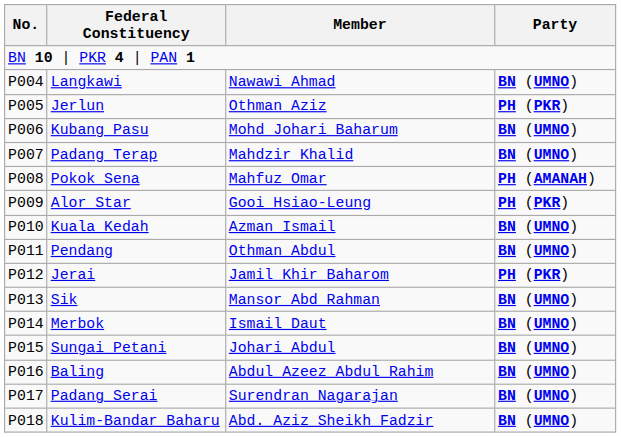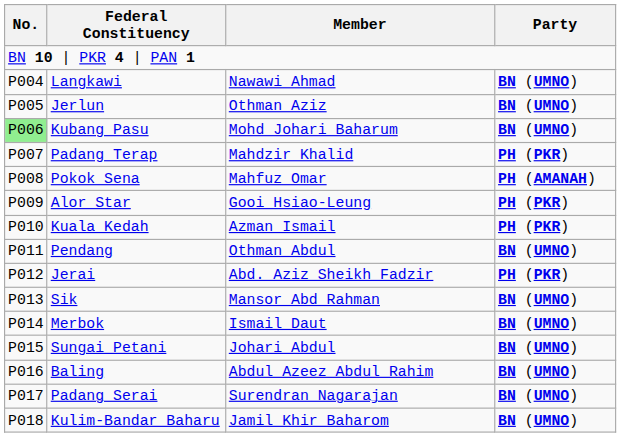 <table class ="wikitable sortable">
 <tr>
 <th style="width:30px;">No.</th>
 <th style="width:150px;">Federal Constituency</th>
 <th style="width:230px;">Member</th>
 <th style="width:100px;">Party</th>
 </tr>
 <tr>
 <td colspan="4"><a href='#'>BN</a> <strong>10</strong> | <a href='#'>PKR</a> <strong>4</strong> | <a href='#'>PAN</a> <strong>1</strong></td>
 </tr>
 <tr>
 <td>P004</td>
 <td><a href='#'>Langkawi</a></td>
 <td><a href='#'>Nawawi Ahmad</a></td>
 <td><strong><a href='#'>BN</a></strong> (<strong><a href='#'>UMNO</a></strong>)</td>
 </tr>
 <tr>
 <td>P005</td>
 <td><a href='#'>Jerlun</a></td>
 <td><a href='#'>Othman Aziz</a></td>
-<td><strong><a href='#'>PH</a></strong> (<strong><a href='#'>PKR</a></strong>)</td>
+<td><strong><a href='#'>BN</a></strong> (<strong><a href='#'>UMNO</a></strong>)</td>
 </tr>
 <tr>
-<td>P006</td>
+<td style="background: lightgreen;">P006</td>
 <td><a href='#'>Kubang Pasu</a></td>
 <td><a href='#'>Mohd Johari Baharum</a></td>
 <td><strong><a href='#'>BN</a></strong> (<strong><a href='#'>UMNO</a></strong>)</td>
 </tr>
 <tr>
 <td>P007</td>
 <td><a href='#'>Padang Terap</a></td>
 <td><a href='#'>Mahdzir Khalid</a></td>
-<td><strong><a href='#'>BN</a></strong> (<strong><a href='#'>UMNO</a></strong>)</td>
+<td><strong><a href='#'>PH</a></strong> (<strong><a href='#'>PKR</a></strong>)</td>
 </tr>
 <tr>
 <td>P008</td>
 <td><a href='#'>Pokok Sena</a></td>
 <td><a href='#'>Mahfuz Omar</a></td>
 <td><strong><a href='#'>PH</a></strong> (<strong><a href='#'>AMANAH</a></strong>)</td>
 </tr>
 <tr>
 <td>P009</td>
 <td><a href='#'>Alor Star</a></td>
 <td><a href='#'>Gooi Hsiao-Leung</a></td>
 <td><strong><a href='#'>PH</a></strong> (<strong><a href='#'>PKR</a></strong>)</td>
 </tr>
 <tr>
 <td>P010</td>
 <td><a href='#'>Kuala Kedah</a></td>
 <td><a href='#'>Azman Ismail</a></td>
-<td><strong><a href='#'>BN</a></strong> (<strong><a href='#'>UMNO</a></strong>)</td>
+<td><strong><a href='#'>PH</a></strong> (<strong><a href='#'>PKR</a></strong>)</td>
 </tr>
 <tr>
 <td>P011</td>
 <td><a href='#'>Pendang</a></td>
 <td><a href='#'>Othman Abdul</a></td>
 <td><strong><a href='#'>BN</a></strong> (<strong><a href='#'>UMNO</a></strong>)</td>
 </tr>
 <tr>
 <td>P012</td>
 <td><a href='#'>Jerai</a></td>
-<td><a href='#'>Jamil Khir Baharom</a></td>
+<td><a href='#'>Abd. Aziz Sheikh Fadzir</a></td>
 <td><strong><a href='#'>PH</a></strong> (<strong><a href='#'>PKR</a></strong>)</td>
 </tr>
 <tr>
 <td>P013</td>
 <td><a href='#'>Sik</a></td>
 <td><a href='#'>Mansor Abd Rahman</a></td>
 <td><strong><a href='#'>BN</a></strong> (<strong><a href='#'>UMNO</a></strong>)</td>
 </tr>
 <tr>
 <td>P014</td>
 <td><a href='#'>Merbok</a></td>
 <td><a href='#'>Ismail Daut</a></td>
 <td><strong><a href='#'>BN</a></strong> (<strong><a href='#'>UMNO</a></strong>)</td>
 </tr>
 <tr>
 <td>P015</td>
 <td><a href='#'>Sungai Petani</a></td>
 <td><a href='#'>Johari Abdul</a></td>
 <td><strong><a href='#'>BN</a></strong> (<strong><a href='#'>UMNO</a></strong>)</td>
 </tr>
 <tr>
 <td>P016</td>
 <td><a href='#'>Baling</a></td>
 <td><a href='#'>Abdul Azeez Abdul Rahim</a></td>
 <td><strong><a href='#'>BN</a></strong> (<strong><a href='#'>UMNO</a></strong>)</td>
 </tr>
 <tr>
 <td>P017</td>
 <td><a href='#'>Padang Serai</a></td>
 <td><a href='#'>Surendran Nagarajan</a></td>
 <td><strong><a href='#'>BN</a></strong> (<strong><a href='#'>UMNO</a></strong>)</td>
 </tr>
 <tr>
 <td>P018</td>
 <td><a href='#'>Kulim-Bandar Baharu</a></td>
-<td><a href='#'>Abd. Aziz Sheikh Fadzir</a></td>
+<td><a href='#'>Jamil Khir Baharom</a></td>
 <td><strong><a href='#'>BN</a></strong> (<strong><a href='#'>UMNO</a></strong>)</td>
 </tr>
 </table>
